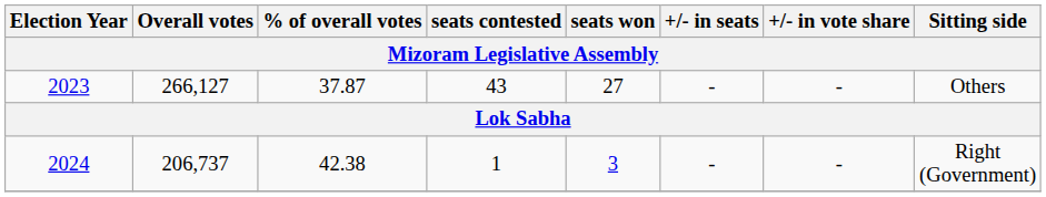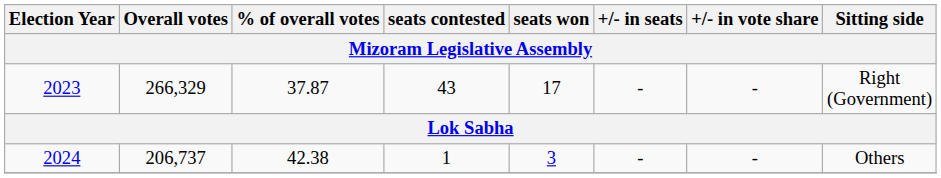 <table class="wikitable" style="text-align:center">
 <tr>
 <th Style="background-color:">Election Year</th>
 <th Style="background-color:">Overall votes</th>
 <th Style="background-color:">% of overall votes</th>
 <th Style="background-color:">seats contested</th>
 <th Style="background-color:">seats won</th>
 <th Style="background-color:">+/- in seats</th>
 <th Style="background-color:">+/- in vote share</th>
 <th Style="background-color:">Sitting side</th>
 </tr>
 <tr>
 <th colspan=8><a href='#'>Mizoram Legislative Assembly</a></th>
 </tr>
 <tr>
 <td><a href='#'>2023</a></td>
-<td>266,127</td>
+<td>266,329</td>
 <td>37.87</td>
 <td>43</td>
-<td>27</td>
+<td>17</td>
 <td>-</td>
 <td>-</td>
-<td>Others</td>
+<td>Right <br> (Government)</td>
 </tr>
 <tr>
 <th colspan=8><a href='#'>Lok Sabha</a></th>
 </tr>
 <tr>
 <td><a href='#'>2024</a></td>
 <td>206,737</td>
 <td>42.38</td>
 <td>1</td>
 <td><a href='#'>3</a></td>
 <td>-</td>
 <td>-</td>
-<td>Right <br> (Government)</td>
+<td>Others</td>
 </tr>
 <tr>
 </tr>
 </table>
